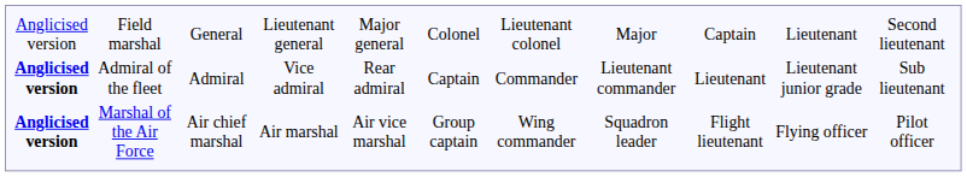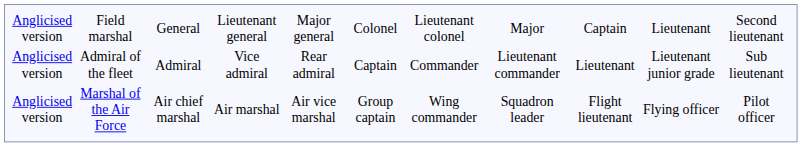 <table style="border:1px solid #8888aa; background-color:#f7f8ff; padding:5px; font-size:95%; margin: 0px 12px 12px 0px;">
 <tr style="text-align:center;">
 <td><a href='#'>Anglicised</a><br>version</td>
 <td colspan=2>Field marshal</td>
 <td colspan=2>General</td>
 <td colspan=2>Lieutenant general</td>
 <td colspan=2>Major general</td>
 <td colspan=2></td>
 <td colspan=2>Colonel</td>
 <td colspan=2>Lieutenant colonel</td>
 <td colspan=2>Major</td>
 <td colspan=2>Captain</td>
 <td colspan=3>Lieutenant</td>
 <td colspan=3>Second lieutenant<br></td>
 </tr>
 <tr style="text-align:center;">
-<td><strong><a href='#'>Anglicised</a><br>version</strong></td>
+<td><a href='#'>Anglicised</a><br>version</td>
 <td colspan=2>Admiral of the fleet</td>
 <td colspan=2>Admiral</td>
 <td colspan=2>Vice admiral</td>
 <td colspan=2>Rear admiral</td>
 <td colspan=2></td>
 <td colspan=2>Captain</td>
 <td colspan=2>Commander</td>
 <td colspan=2>Lieutenant commander</td>
 <td colspan=2>Lieutenant</td>
 <td colspan=3>Lieutenant junior grade</td>
 <td colspan=3>Sub lieutenant<br></td>
 </tr>
 <tr style="text-align:center;">
-<td><strong><a href='#'>Anglicised</a><br>version</strong></td>
+<td><a href='#'>Anglicised</a><br>version</td>
 <td colspan=2><a href='#'>Marshal of the Air Force</a></td>
 <td colspan=2>Air chief marshal</td>
 <td colspan=2>Air marshal</td>
 <td colspan=2>Air vice marshal</td>
 <td colspan=2></td>
 <td colspan=2>Group captain</td>
 <td colspan=2>Wing commander</td>
 <td colspan=2>Squadron leader</td>
 <td colspan=2>Flight lieutenant</td>
 <td colspan=3>Flying officer</td>
 <td colspan=3>Pilot officer<br></td>
 </tr>
 </table>
